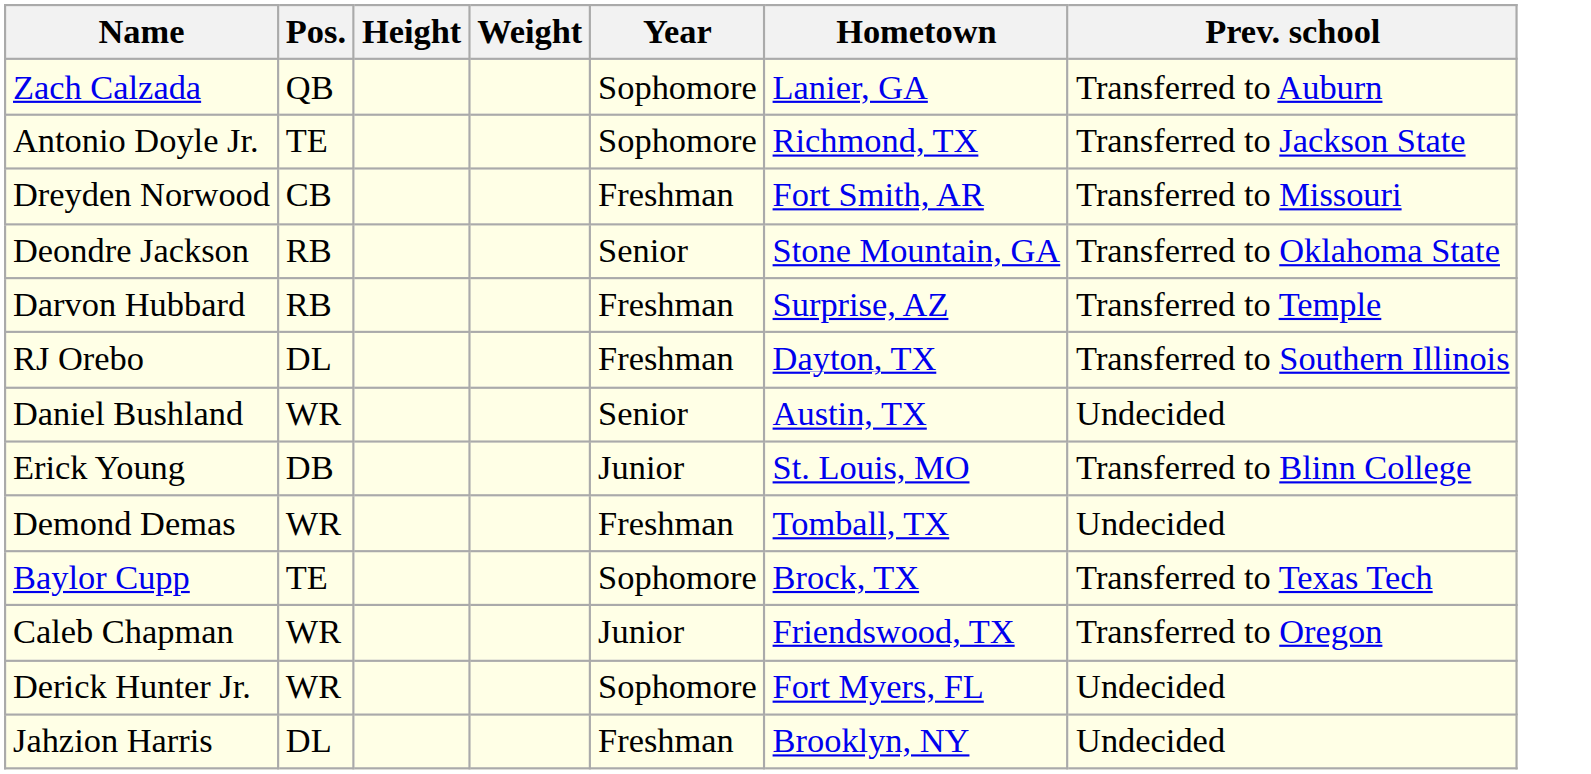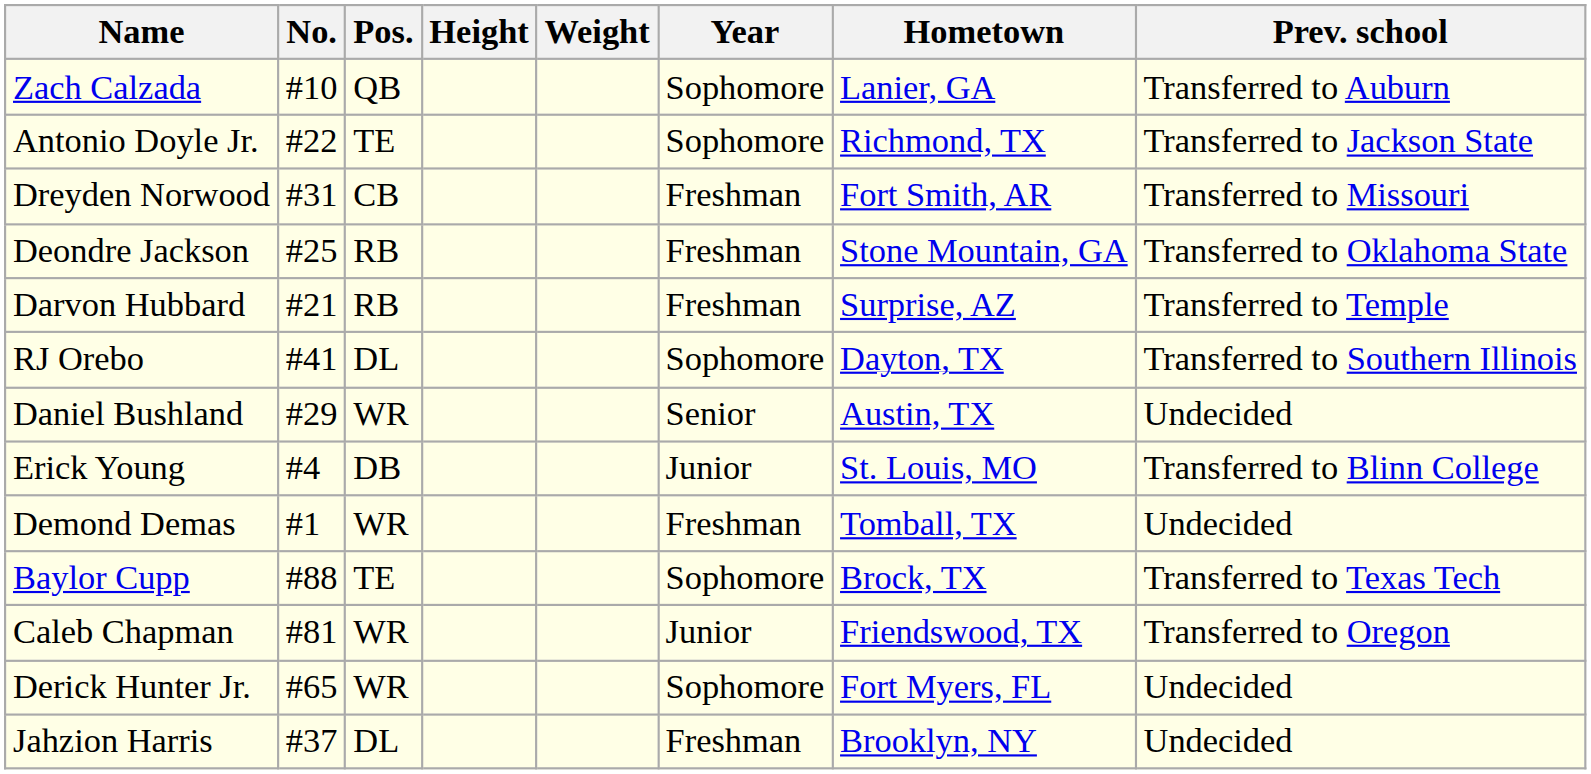 <table class="wikitable sortable">
 <tr>
 <th>Name</th>
+<th>No.</th>
 <th>Pos.</th>
 <th>Height</th>
 <th>Weight</th>
 <th>Year</th>
 <th>Hometown</th>
 <th class="unsortable">Prev. school</th>
 </tr>
 <tr style="background:#FFFFE6;">
 <td><a href='#'>Zach Calzada</a></td>
+<td>#10</td>
 <td>QB</td>
 <td></td>
 <td></td>
 <td>Sophomore</td>
 <td><a href='#'>Lanier, GA</a></td>
 <td>Transferred to <a href='#'>Auburn</a></td>
 </tr>
 <tr style="background:#FFFFE6;">
 <td>Antonio Doyle Jr.</td>
+<td>#22</td>
 <td>TE</td>
 <td></td>
 <td></td>
 <td>Sophomore</td>
 <td><a href='#'>Richmond, TX</a></td>
 <td>Transferred to <a href='#'>Jackson State</a></td>
 </tr>
 <tr style="background:#FFFFE6;">
 <td>Dreyden Norwood</td>
+<td>#31</td>
 <td>CB</td>
 <td></td>
 <td></td>
 <td>Freshman</td>
 <td><a href='#'>Fort Smith, AR</a></td>
 <td>Transferred to <a href='#'>Missouri</a></td>
 </tr>
 <tr style="background:#FFFFE6;">
 <td>Deondre Jackson</td>
+<td>#25</td>
 <td>RB</td>
 <td></td>
 <td></td>
-<td>Senior</td>
+<td> Freshman</td>
 <td><a href='#'>Stone Mountain, GA</a></td>
 <td>Transferred to <a href='#'>Oklahoma State</a></td>
 </tr>
 <tr style="background:#FFFFE6;">
 <td>Darvon Hubbard</td>
+<td>#21</td>
 <td>RB</td>
 <td></td>
 <td></td>
 <td> Freshman</td>
 <td><a href='#'>Surprise, AZ</a></td>
 <td>Transferred to <a href='#'>Temple</a></td>
 </tr>
 <tr style="background:#FFFFE6;">
 <td>RJ Orebo</td>
+<td>#41</td>
 <td>DL</td>
 <td></td>
 <td></td>
-<td>Freshman</td>
+<td> Sophomore</td>
 <td><a href='#'>Dayton, TX</a></td>
 <td>Transferred to <a href='#'>Southern Illinois</a></td>
 </tr>
 <tr style="background:#FFFFE6;">
 <td>Daniel Bushland</td>
+<td>#29</td>
 <td>WR</td>
 <td></td>
 <td></td>
 <td>Senior</td>
 <td><a href='#'>Austin, TX</a></td>
 <td>Undecided</td>
 </tr>
 <tr style="background:#FFFFE6;">
 <td>Erick Young</td>
+<td>#4</td>
 <td>DB</td>
 <td></td>
 <td></td>
 <td>Junior</td>
 <td><a href='#'>St. Louis, MO</a></td>
 <td>Transferred to <a href='#'>Blinn College</a></td>
 </tr>
 <tr style="background:#FFFFE6;">
 <td>Demond Demas</td>
+<td>#1</td>
 <td>WR</td>
 <td></td>
 <td></td>
 <td> Freshman</td>
 <td><a href='#'>Tomball, TX</a></td>
 <td>Undecided</td>
 </tr>
 <tr style="background:#FFFFE6;">
 <td><a href='#'>Baylor Cupp</a></td>
+<td>#88</td>
 <td>TE</td>
 <td></td>
 <td></td>
 <td> Sophomore</td>
 <td><a href='#'>Brock, TX</a></td>
 <td>Transferred to <a href='#'>Texas Tech</a></td>
 </tr>
 <tr style="background:#FFFFE6;">
 <td>Caleb Chapman</td>
+<td>#81</td>
 <td>WR</td>
 <td></td>
 <td></td>
 <td> Junior</td>
 <td><a href='#'>Friendswood, TX</a></td>
 <td>Transferred to <a href='#'>Oregon</a></td>
 </tr>
 <tr style="background:#FFFFE6;">
 <td>Derick Hunter Jr.</td>
+<td>#65</td>
 <td>WR</td>
 <td></td>
 <td></td>
 <td> Sophomore</td>
 <td><a href='#'>Fort Myers, FL</a></td>
 <td>Undecided</td>
 </tr>
 <tr style="background:#FFFFE6;">
 <td>Jahzion Harris</td>
+<td>#37</td>
 <td>DL</td>
 <td></td>
 <td></td>
 <td>Freshman</td>
 <td><a href='#'>Brooklyn, NY</a></td>
 <td>Undecided</td>
 </tr>
 </table>
